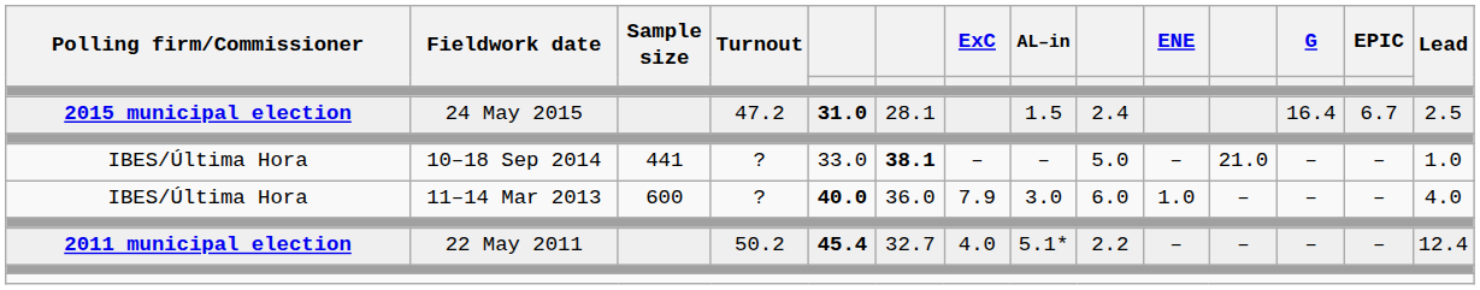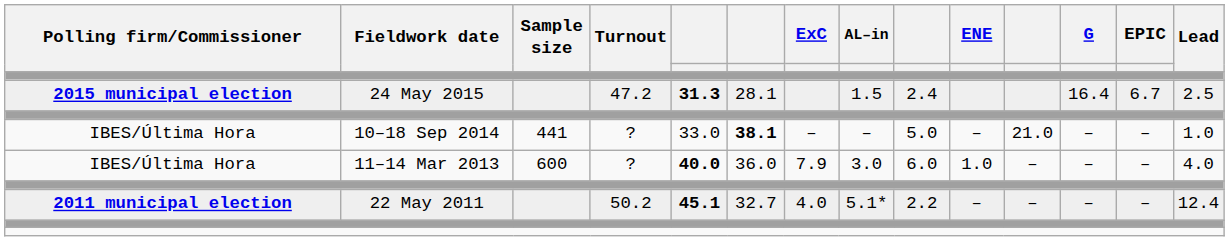 <table class="wikitable collapsible collapsed" style="text-align:center; font-size:95%; line-height:16px;">
 <tr style="height:42px;">
 <th style="width:250px;" rowspan="2">Polling firm/Commissioner</th>
 <th style="width:125px;" rowspan="2">Fieldwork date</th>
 <th style="width:50px;" rowspan="2">Sample size</th>
 <th style="width:45px;" rowspan="2">Turnout</th>
 <th style="width:35px;"></th>
 <th style="width:35px;"></th>
 <th style="width:35px;"><a href='#'>ExC</a></th>
 <th style="width:35px; font-size:85%;">AL–in</th>
 <th style="width:35px;"></th>
 <th style="width:35px;"><a href='#'>ENE</a></th>
 <th style="width:35px;"></th>
 <th style="width:35px;"><a href='#'>G</a></th>
 <th style="width:35px;">EPIC</th>
 <th style="width:30px;" rowspan="2">Lead</th>
 </tr>
 <tr>
 <th style="color:inherit;background:"></th>
 <th style="color:inherit;background:"></th>
 <th style="color:inherit;background:"></th>
 <th style="color:inherit;background:"></th>
 <th style="color:inherit;background:"></th>
 <th style="color:inherit;background:"></th>
 <th style="color:inherit;background:"></th>
 <th style="color:inherit;background:"></th>
 <th style="color:inherit;background:"></th>
 </tr>
 <tr>
 <td colspan="14" style="background:#A0A0A0"></td>
 </tr>
 <tr style="background:#EFEFEF;">
 <td><strong><a href='#'>2015 municipal election</a></strong></td>
 <td>24 May 2015</td>
 <td></td>
 <td>47.2</td>
-<td><strong>31.0</strong><br></td>
+<td><strong>31.3</strong><br></td>
 <td>28.1<br></td>
 <td></td>
 <td>1.5<br></td>
 <td>2.4<br></td>
 <td></td>
 <td></td>
 <td>16.4<br></td>
 <td>6.7<br></td>
 <td style="background:">2.5</td>
 </tr>
 <tr>
 <td colspan="14" style="background:#A0A0A0"></td>
 </tr>
 <tr>
 <td>IBES/Última Hora</td>
 <td>10–18 Sep 2014</td>
 <td>441</td>
 <td>?</td>
 <td>33.0<br></td>
 <td><strong>38.1</strong><br></td>
 <td>–</td>
 <td>–</td>
 <td>5.0<br></td>
 <td>–</td>
 <td>21.0<br></td>
 <td>–</td>
 <td>–</td>
 <td style="background:">1.0</td>
 </tr>
 <tr>
 <td>IBES/Última Hora</td>
 <td>11–14 Mar 2013</td>
 <td>600</td>
 <td>?</td>
 <td><strong>40.0</strong><br></td>
 <td>36.0<br></td>
 <td>7.9<br></td>
 <td>3.0<br></td>
 <td>6.0<br></td>
 <td>1.0<br></td>
 <td>–</td>
 <td>–</td>
 <td>–</td>
 <td style="background:">4.0</td>
 </tr>
 <tr>
 <td colspan="14" style="background:#A0A0A0"></td>
 </tr>
 <tr style="background:#EFEFEF;">
 <td><strong><a href='#'>2011 municipal election</a></strong></td>
 <td>22 May 2011</td>
 <td></td>
 <td>50.2</td>
-<td><strong>45.4</strong><br></td>
+<td><strong>45.1</strong><br></td>
 <td>32.7<br></td>
 <td>4.0<br></td>
 <td>5.1*<br></td>
 <td>2.2<br></td>
 <td>–</td>
 <td>–</td>
 <td>–</td>
 <td>–</td>
 <td style="background:">12.4</td>
 </tr>
 <tr>
 <td colspan="14" style="background:#A0A0A0"></td>
 </tr>
 <tr>
 <td align="left" colspan="14"></td>
 </tr>
 </table>
